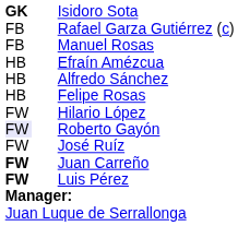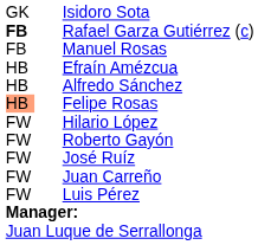 <table style="font-size: 90%" cellspacing="0" cellpadding="0" align=center>
 <tr>
 <th width="25"></th>
 <th width="25"></th>
 </tr>
 <tr>
-<td><strong>GK</strong></td>
+<td>GK</td>
 <td></td>
 <td><a href='#'>Isidoro Sota</a></td>
 </tr>
 <tr>
-<td>FB</td>
+<td><strong>FB</strong></td>
 <td></td>
 <td><a href='#'>Rafael Garza Gutiérrez</a> (<a href='#'>c</a>)</td>
 </tr>
 <tr>
 <td>FB</td>
 <td></td>
 <td><a href='#'>Manuel Rosas</a></td>
 </tr>
 <tr>
 <td>HB</td>
 <td></td>
 <td><a href='#'>Efraín Amézcua</a></td>
 </tr>
 <tr>
 <td>HB</td>
 <td></td>
 <td><a href='#'>Alfredo Sánchez</a></td>
 </tr>
 <tr>
-<td>HB</td>
+<td style="background: lightsalmon;">HB</td>
 <td></td>
 <td><a href='#'>Felipe Rosas</a></td>
 </tr>
 <tr>
 <td>FW</td>
 <td></td>
 <td><a href='#'>Hilario López</a></td>
 </tr>
 <tr>
-<td style="background: lavender;">FW</td>
+<td>FW</td>
 <td></td>
 <td><a href='#'>Roberto Gayón</a></td>
 </tr>
 <tr>
 <td>FW</td>
 <td></td>
 <td><a href='#'>José Ruíz</a></td>
 </tr>
 <tr>
-<td><strong>FW</strong></td>
+<td>FW</td>
 <td></td>
 <td><a href='#'>Juan Carreño</a></td>
 </tr>
 <tr>
-<td><strong>FW</strong></td>
+<td>FW</td>
 <td></td>
 <td><a href='#'>Luis Pérez</a></td>
 </tr>
 <tr>
 <td colspan=3><strong>Manager:</strong></td>
 </tr>
 <tr>
 <td colspan=4><a href='#'>Juan Luque de Serrallonga</a></td>
 </tr>
 </table>
